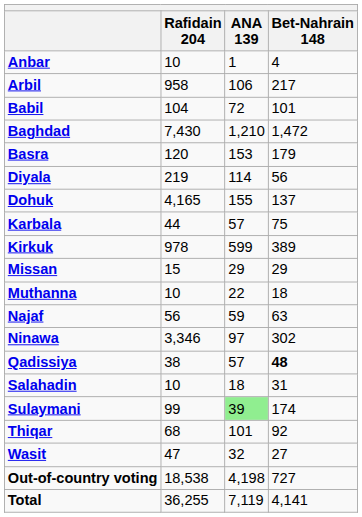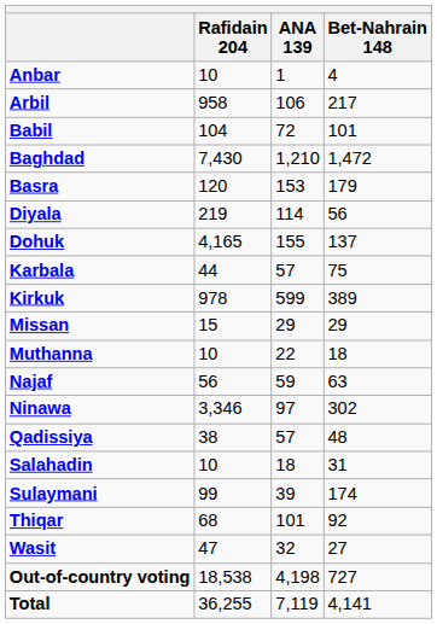 <table class="wikitable">
 <tr>
 <th colspan="4"></th>
 </tr>
 <tr>
 <th></th>
 <th>Rafidain<br>204</th>
 <th>ANA<br>139</th>
 <th>Bet-Nahrain<br>148</th>
 </tr>
 <tr>
 <td><strong><a href='#'>Anbar</a></strong></td>
 <td>10</td>
 <td>1</td>
 <td>4</td>
 </tr>
 <tr>
 <td><strong><a href='#'>Arbil</a></strong></td>
 <td>958</td>
 <td>106</td>
 <td>217</td>
 </tr>
 <tr>
 <td><strong><a href='#'>Babil</a></strong></td>
 <td>104</td>
 <td>72</td>
 <td>101</td>
 </tr>
 <tr>
 <td><strong><a href='#'>Baghdad</a></strong></td>
 <td>7,430</td>
 <td>1,210</td>
 <td>1,472</td>
 </tr>
 <tr>
 <td><strong><a href='#'>Basra</a></strong></td>
 <td>120</td>
 <td>153</td>
 <td>179</td>
 </tr>
 <tr>
 <td><strong><a href='#'>Diyala</a></strong></td>
 <td>219</td>
 <td>114</td>
 <td>56</td>
 </tr>
 <tr>
 <td><strong><a href='#'>Dohuk</a></strong></td>
 <td>4,165</td>
 <td>155</td>
 <td>137</td>
 </tr>
 <tr>
 <td><strong><a href='#'>Karbala</a></strong></td>
 <td>44</td>
 <td>57</td>
 <td>75</td>
 </tr>
 <tr>
 <td><strong><a href='#'>Kirkuk</a></strong></td>
 <td>978</td>
 <td>599</td>
 <td>389</td>
 </tr>
 <tr>
 <td><strong><a href='#'>Missan</a></strong></td>
 <td>15</td>
 <td>29</td>
 <td>29</td>
 </tr>
 <tr>
 <td><strong><a href='#'>Muthanna</a></strong></td>
 <td>10</td>
 <td>22</td>
 <td>18</td>
 </tr>
 <tr>
 <td><strong><a href='#'>Najaf</a></strong></td>
 <td>56</td>
 <td>59</td>
 <td>63</td>
 </tr>
 <tr>
 <td><strong><a href='#'>Ninawa</a></strong></td>
 <td>3,346</td>
 <td>97</td>
 <td>302</td>
 </tr>
 <tr>
 <td><strong><a href='#'>Qadissiya</a></strong></td>
 <td>38</td>
 <td>57</td>
-<td><strong>48</strong></td>
+<td>48</td>
 </tr>
 <tr>
 <td><strong><a href='#'>Salahadin</a></strong></td>
 <td>10</td>
 <td>18</td>
 <td>31</td>
 </tr>
 <tr>
 <td><strong><a href='#'>Sulaymani</a></strong></td>
 <td>99</td>
-<td style="background: lightgreen;">39</td>
+<td>39</td>
 <td>174</td>
 </tr>
 <tr>
 <td><strong><a href='#'>Thiqar</a></strong></td>
 <td>68</td>
 <td>101</td>
 <td>92</td>
 </tr>
 <tr>
 <td><strong><a href='#'>Wasit</a></strong></td>
 <td>47</td>
 <td>32</td>
 <td>27</td>
 </tr>
 <tr>
 <td><strong>Out-of-country voting</strong></td>
 <td>18,538</td>
 <td>4,198</td>
 <td>727</td>
 </tr>
 <tr>
 <td><strong>Total</strong></td>
 <td>36,255</td>
 <td>7,119</td>
 <td>4,141</td>
 </tr>
 </table>
